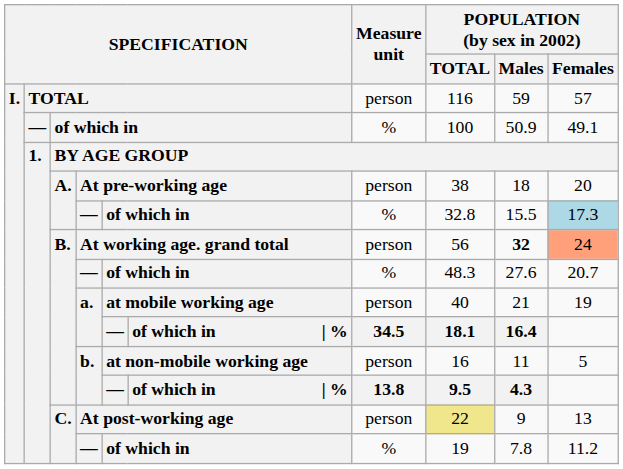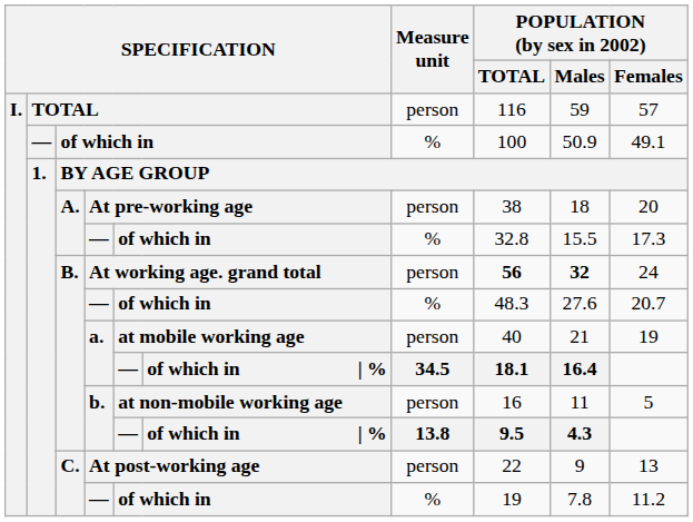 <table class="wikitable" style="font-size:85%; text-align:center">
 <tr>
 <th rowspan="2" colspan="6">SPECIFICATION</th>
 <th rowspan="2">Measure<br> unit</th>
 <th colspan="3" rowspan="1">POPULATION<br> (by sex in 2002)</th>
 </tr>
 <tr>
 <th>TOTAL</th>
 <th>Males</th>
 <th>Females</th>
 </tr>
 <tr>
 <th style="text-align:left" valign="top" rowspan="13">I.</th>
 <th style="text-align:left" colspan="5">TOTAL</th>
 <td>person</td>
 <td>116</td>
 <td>59</td>
 <td>57</td>
 </tr>
 <tr>
 <th style="text-align:left" valign="top">—</th>
 <th style="text-align:left" colspan="4">of which in</th>
 <td>%</td>
 <td>100</td>
 <td>50.9</td>
 <td>49.1</td>
 </tr>
 <tr>
 <th style="text-align:left" valign="top" rowspan="11">1.</th>
 <th style="text-align:left" colspan="19">BY AGE GROUP</th>
 </tr>
 <tr>
 <th style="text-align:left" valign="top" rowspan="2">A.</th>
 <th style="text-align:left" colspan="3">At pre-working age</th>
 <td>person</td>
 <td>38</td>
 <td>18</td>
 <td>20</td>
 </tr>
 <tr>
 <th style="text-align:left" valign="top">—</th>
 <th style="text-align:left" valign="top" colspan="2">of which in</th>
 <td>%</td>
 <td>32.8</td>
 <td>15.5</td>
-<td style="background: lightblue;">17.3</td>
+<td>17.3</td>
 </tr>
 <tr>
 <th style="text-align:left" valign="top" rowspan="6">B.</th>
 <th style="text-align:left" colspan="3">At working age. grand total</th>
 <td>person</td>
-<td>56</td>
+<td><strong>56</strong></td>
 <td><strong>32</strong></td>
-<td style="background: lightsalmon;">24</td>
+<td>24</td>
 </tr>
 <tr>
 <th style="text-align:left" valign="top">—</th>
 <th style="text-align:left" valign="top" colspan="2">of which in</th>
 <td>%</td>
 <td>48.3</td>
 <td>27.6</td>
 <td>20.7</td>
 </tr>
 <tr>
 <th style="text-align:left" valign="top" rowspan="2">a.</th>
 <th style="text-align:left" colspan="2">at mobile working age</th>
 <td>person</td>
 <td>40</td>
 <td>21</td>
 <td>19</td>
 </tr>
 <tr>
 <th style="text-align:left" valign="top">—</th>
 <th style="text-align:left" valign="top" colspan="1">of which in                        | %</th>
 <th>34.5</th>
 <th>18.1</th>
 <th>16.4</th>
 </tr>
 <tr>
 <th style="text-align:left" valign="top" rowspan="2">b.</th>
 <th style="text-align:left" colspan="2">at non-mobile working age</th>
 <td>person</td>
 <td>16</td>
 <td>11</td>
 <td>5</td>
 </tr>
 <tr>
 <th style="text-align:left" valign="top">—</th>
 <th style="text-align:left" valign="top" colspan="1">of which in                        | %</th>
 <th>13.8</th>
 <th>9.5</th>
 <th>4.3</th>
 </tr>
 <tr>
 <th style="text-align:left" valign="top" rowspan="2">C.</th>
 <th style="text-align:left" colspan="3">At post-working age</th>
 <td>person</td>
-<td style="background: khaki;">22</td>
+<td>22</td>
 <td>9</td>
 <td>13</td>
 </tr>
 <tr>
 <th style="text-align:left" valign="top">—</th>
 <th style="text-align:left" valign="top" colspan="2">of which in</th>
 <td>%</td>
 <td>19</td>
 <td>7.8</td>
 <td>11.2</td>
 </tr>
 </table>
